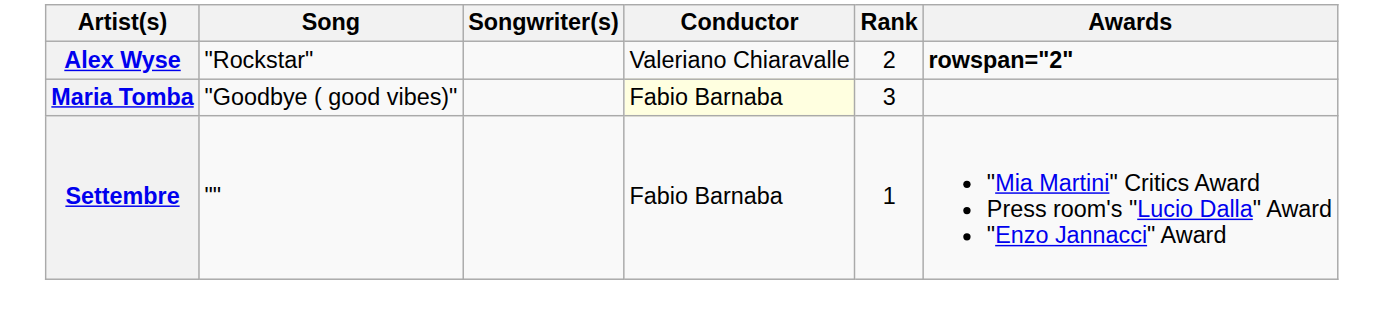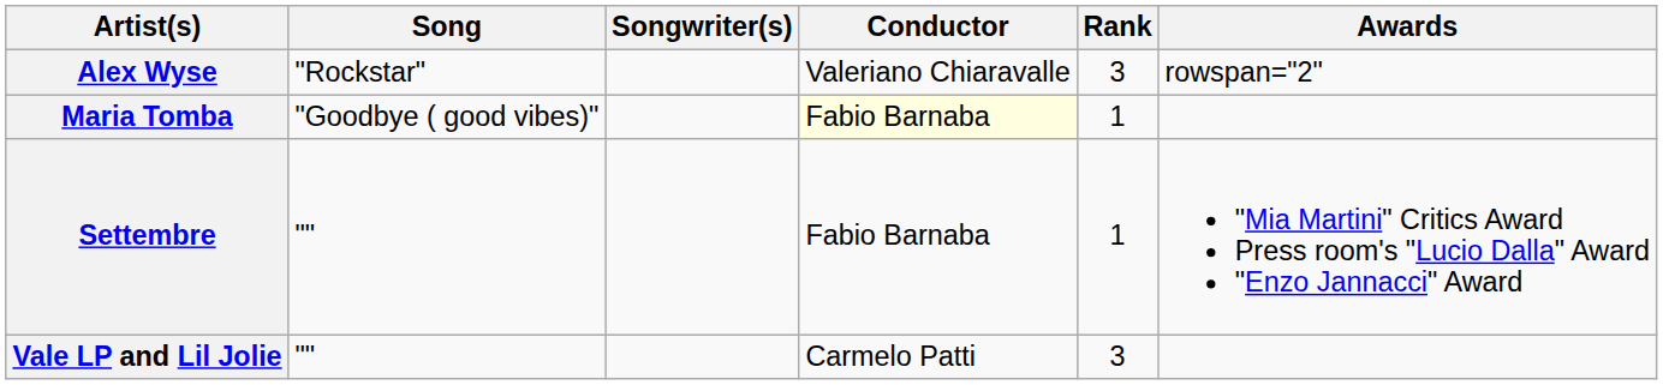 <table class="wikitable sortable plainrowheaders" style="margin: 1em auto 1em auto">
 <tr>
 <th>Artist(s)</th>
 <th>Song</th>
 <th>Songwriter(s)</th>
 <th>Conductor</th>
 <th>Rank</th>
 <th>Awards</th>
 </tr>
 <tr>
 <th scope="row"><a href='#'>Alex Wyse</a></th>
 <td>"Rockstar"</td>
 <td></td>
 <td>Valeriano Chiaravalle</td>
-<td align="center">2</td>
-<td><strong>rowspan="2" </strong></td>
+<td align="center">3</td>
+<td>rowspan="2" </td>
 </tr>
 <tr>
 <th scope="row"><a href='#'>Maria Tomba</a></th>
 <td>"Goodbye ( good vibes)"</td>
 <td></td>
 <td style="background: lightyellow;">Fabio Barnaba</td>
-<td align="center">3</td>
+<td align="center">1</td>
 </tr>
 <tr>
 <th scope="row"><a href='#'>Settembre</a></th>
 <td>""</td>
 <td></td>
 <td>Fabio Barnaba</td>
 <td align="center">1</td>
 <td><br><ul><li>"<a href='#'>Mia Martini</a>" Critics Award</li><li>Press room's "<a href='#'>Lucio Dalla</a>" Award</li><li> "<a href='#'>Enzo Jannacci</a>" Award</li></ul></td>
 </tr>
+<tr>
+<th scope="row"><a href='#'>Vale LP</a> and <a href='#'>Lil Jolie</a></th>
+<td>""</td>
+<td></td>
+<td>Carmelo Patti</td>
+<td align="center">3</td>
+<td></td>
+</tr>
 </table>
